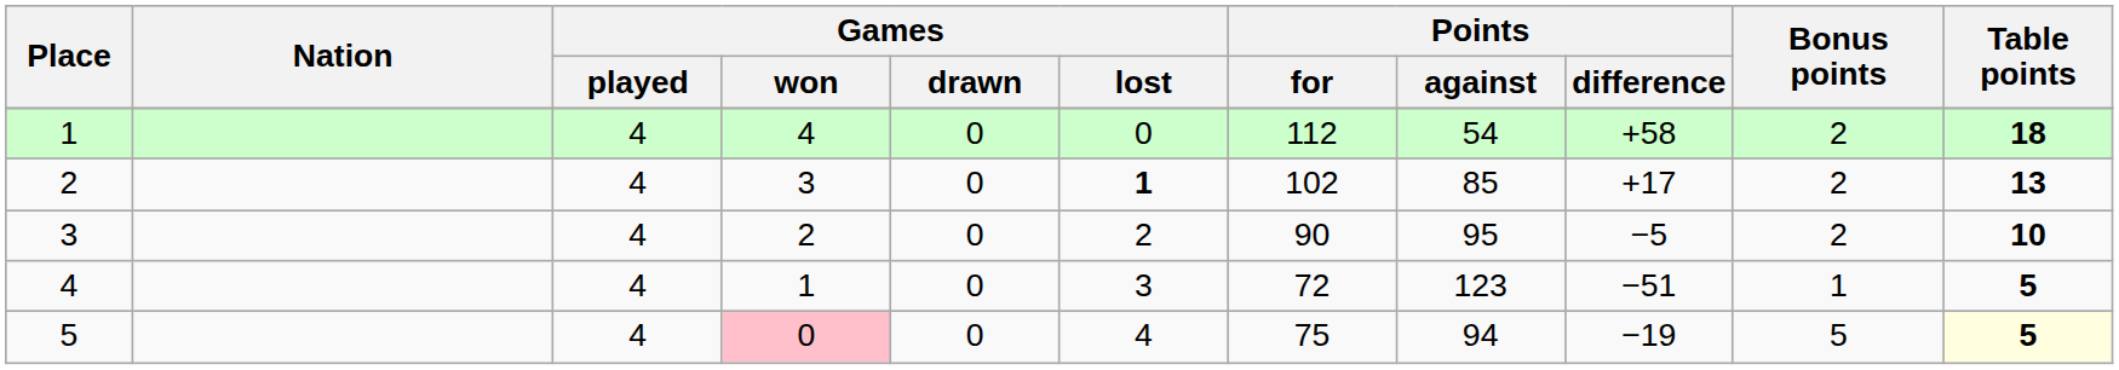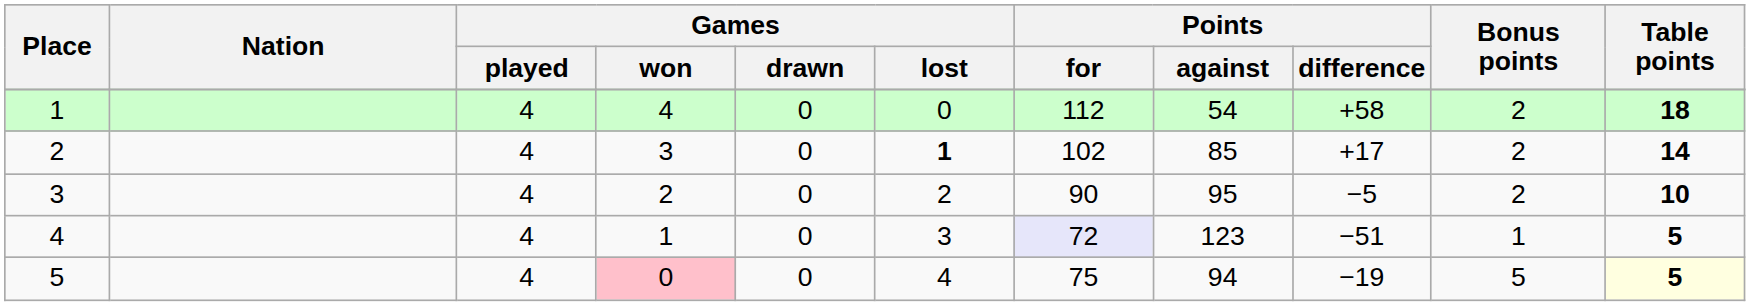 <table class="wikitable">
 <tr>
 <th rowspan=2 width="6%">Place</th>
 <th rowspan=2 width="20%">Nation</th>
 <th colspan=4 width="40%">Games</th>
 <th colspan=3 width="24%">Points</th>
 <th rowspan=2 width="10%">Bonus<br>points</th>
 <th rowspan=2 width="10%">Table<br>points</th>
 </tr>
 <tr>
 <th width="8%">played</th>
 <th width="8%">won</th>
 <th width="8%">drawn</th>
 <th width="8%">lost</th>
 <th width="8%">for</th>
 <th width="8%">against</th>
 <th width="8%">difference</th>
 </tr>
 <tr>
 </tr>
 <tr align=center bgcolor="#ccffcc">
 <td>1</td>
 <td align=left></td>
 <td>4</td>
 <td>4</td>
 <td>0</td>
 <td>0</td>
 <td>112</td>
 <td>54</td>
 <td>+58</td>
 <td>2</td>
 <td><strong>18</strong></td>
 </tr>
 <tr align=center>
 <td>2</td>
 <td align=left></td>
 <td>4</td>
 <td>3</td>
 <td>0</td>
 <td><strong>1</strong></td>
 <td>102</td>
 <td>85</td>
 <td>+17</td>
 <td>2</td>
-<td><strong>13</strong></td>
+<td><strong>14</strong></td>
 </tr>
 <tr align=center>
 <td>3</td>
 <td align=left></td>
 <td>4</td>
 <td>2</td>
 <td>0</td>
 <td>2</td>
 <td>90</td>
 <td>95</td>
 <td>−5</td>
 <td>2</td>
 <td><strong>10</strong></td>
 </tr>
 <tr align=center>
 <td>4</td>
 <td align=left></td>
 <td>4</td>
 <td>1</td>
 <td>0</td>
 <td>3</td>
-<td>72</td>
+<td style="background: lavender;">72</td>
 <td>123</td>
 <td>−51</td>
 <td>1</td>
 <td><strong>5</strong></td>
 </tr>
 <tr align=center>
 <td>5</td>
 <td align=left></td>
 <td>4</td>
 <td style="background: pink;">0</td>
 <td>0</td>
 <td>4</td>
 <td>75</td>
 <td>94</td>
 <td>−19</td>
 <td>5</td>
 <td style="background: lightyellow;"><strong>5</strong></td>
 </tr>
 </table>
